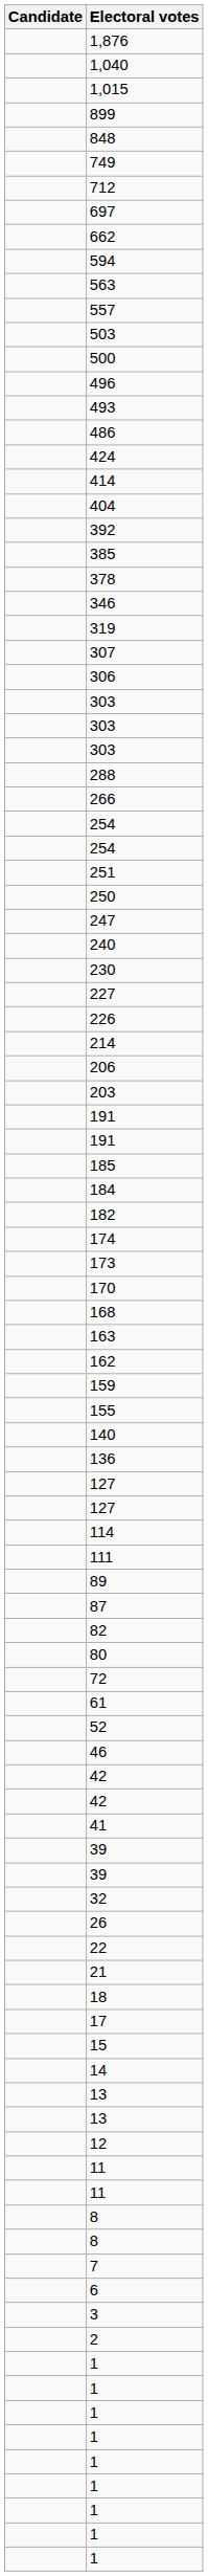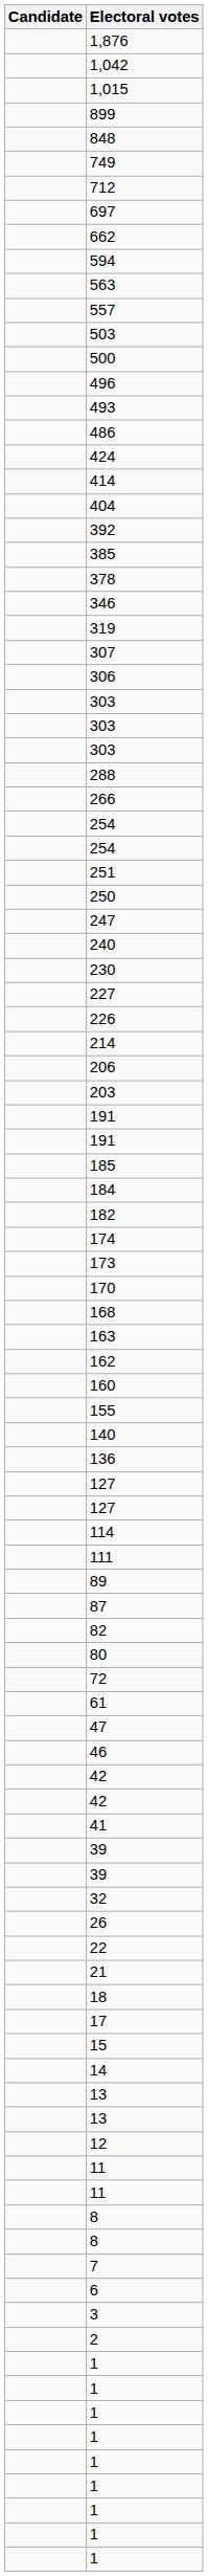 <table class="sortable wikitable">
 <tr>
 <th>Candidate</th>
 <th>Electoral votes</th>
 </tr>
 <tr>
 <td></td>
 <td>1,876</td>
 </tr>
 <tr>
 <td></td>
-<td>1,040</td>
+<td>1,042</td>
 </tr>
 <tr>
 <td></td>
 <td>1,015</td>
 </tr>
 <tr>
 <td></td>
 <td>899</td>
 </tr>
 <tr>
 <td></td>
 <td>848</td>
 </tr>
 <tr>
 <td></td>
 <td>749</td>
 </tr>
 <tr>
 <td></td>
 <td>712</td>
 </tr>
 <tr>
 <td></td>
 <td>697</td>
 </tr>
 <tr>
 <td></td>
 <td>662</td>
 </tr>
 <tr>
 <td></td>
 <td>594</td>
 </tr>
 <tr>
 <td></td>
 <td>563</td>
 </tr>
 <tr>
 <td></td>
 <td>557</td>
 </tr>
 <tr>
 <td></td>
 <td>503</td>
 </tr>
 <tr>
 <td></td>
 <td>500</td>
 </tr>
 <tr>
 <td></td>
 <td>496</td>
 </tr>
 <tr>
 <td></td>
 <td>493</td>
 </tr>
 <tr>
 <td></td>
 <td>486</td>
 </tr>
 <tr>
 <td></td>
 <td>424</td>
 </tr>
 <tr>
 <td></td>
 <td>414</td>
 </tr>
 <tr>
 <td></td>
 <td>404</td>
 </tr>
 <tr>
 <td></td>
 <td>392</td>
 </tr>
 <tr>
 <td></td>
 <td>385</td>
 </tr>
 <tr>
 <td></td>
 <td>378</td>
 </tr>
 <tr>
 <td></td>
 <td>346</td>
 </tr>
 <tr>
 <td></td>
 <td>319</td>
 </tr>
 <tr>
 <td></td>
 <td>307</td>
 </tr>
 <tr>
 <td></td>
 <td>306</td>
 </tr>
 <tr>
 <td></td>
 <td>303</td>
 </tr>
 <tr>
 <td></td>
 <td>303</td>
 </tr>
 <tr>
 <td></td>
 <td>303</td>
 </tr>
 <tr>
 <td></td>
 <td>288</td>
 </tr>
 <tr>
 <td></td>
 <td>266</td>
 </tr>
 <tr>
 <td></td>
 <td>254</td>
 </tr>
 <tr>
 <td></td>
 <td>254</td>
 </tr>
 <tr>
 <td></td>
 <td>251</td>
 </tr>
 <tr>
 <td></td>
 <td>250</td>
 </tr>
 <tr>
 <td></td>
 <td>247</td>
 </tr>
 <tr>
 <td></td>
 <td>240</td>
 </tr>
 <tr>
 <td></td>
 <td>230</td>
 </tr>
 <tr>
 <td></td>
 <td>227</td>
 </tr>
 <tr>
 <td></td>
 <td>226</td>
 </tr>
 <tr>
 <td></td>
 <td>214</td>
 </tr>
 <tr>
 <td></td>
 <td>206</td>
 </tr>
 <tr>
 <td></td>
 <td>203</td>
 </tr>
 <tr>
 <td></td>
 <td>191</td>
 </tr>
 <tr>
 <td></td>
 <td>191</td>
 </tr>
 <tr>
 <td></td>
 <td>185</td>
 </tr>
 <tr>
 <td></td>
 <td>184</td>
 </tr>
 <tr>
 <td></td>
 <td>182</td>
 </tr>
 <tr>
 <td></td>
 <td>174</td>
 </tr>
 <tr>
 <td></td>
 <td>173</td>
 </tr>
 <tr>
 <td></td>
 <td>170</td>
 </tr>
 <tr>
 <td></td>
 <td>168</td>
 </tr>
 <tr>
 <td></td>
 <td>163</td>
 </tr>
 <tr>
 <td></td>
 <td>162</td>
 </tr>
 <tr>
 <td></td>
-<td>159</td>
+<td>160</td>
 </tr>
 <tr>
 <td></td>
 <td>155</td>
 </tr>
 <tr>
 <td></td>
 <td>140</td>
 </tr>
 <tr>
 <td></td>
 <td>136</td>
 </tr>
 <tr>
 <td></td>
 <td>127</td>
 </tr>
 <tr>
 <td></td>
 <td>127</td>
 </tr>
 <tr>
 <td></td>
 <td>114</td>
 </tr>
 <tr>
 <td></td>
 <td>111</td>
 </tr>
 <tr>
 <td></td>
 <td>89</td>
 </tr>
 <tr>
 <td></td>
 <td>87</td>
 </tr>
 <tr>
 <td></td>
 <td>82</td>
 </tr>
 <tr>
 <td></td>
 <td>80</td>
 </tr>
 <tr>
 <td></td>
 <td>72</td>
 </tr>
 <tr>
 <td></td>
 <td>61</td>
 </tr>
 <tr>
 <td></td>
-<td>52</td>
+<td>47</td>
 </tr>
 <tr>
 <td></td>
 <td>46</td>
 </tr>
 <tr>
 <td></td>
 <td>42</td>
 </tr>
 <tr>
 <td></td>
 <td>42</td>
 </tr>
 <tr>
 <td></td>
 <td>41</td>
 </tr>
 <tr>
 <td></td>
 <td>39</td>
 </tr>
 <tr>
 <td></td>
 <td>39</td>
 </tr>
 <tr>
 <td></td>
 <td>32</td>
 </tr>
 <tr>
 <td></td>
 <td>26</td>
 </tr>
 <tr>
 <td></td>
 <td>22</td>
 </tr>
 <tr>
 <td></td>
 <td>21</td>
 </tr>
 <tr>
 <td></td>
 <td>18</td>
 </tr>
 <tr>
 <td></td>
 <td>17</td>
 </tr>
 <tr>
 <td></td>
 <td>15</td>
 </tr>
 <tr>
 <td></td>
 <td>14</td>
 </tr>
 <tr>
 <td></td>
 <td>13</td>
 </tr>
 <tr>
 <td></td>
 <td>13</td>
 </tr>
 <tr>
 <td></td>
 <td>12</td>
 </tr>
 <tr>
 <td></td>
 <td>11</td>
 </tr>
 <tr>
 <td></td>
 <td>11</td>
 </tr>
 <tr>
 <td></td>
 <td>8</td>
 </tr>
 <tr>
 <td></td>
 <td>8</td>
 </tr>
 <tr>
 <td></td>
 <td>7</td>
 </tr>
 <tr>
 <td></td>
 <td>6</td>
 </tr>
 <tr>
 <td></td>
 <td>3</td>
 </tr>
 <tr>
 <td></td>
 <td>2</td>
 </tr>
 <tr>
 <td></td>
 <td>1</td>
 </tr>
 <tr>
 <td></td>
 <td>1</td>
 </tr>
 <tr>
 <td></td>
 <td>1</td>
 </tr>
 <tr>
 <td></td>
 <td>1</td>
 </tr>
 <tr>
 <td></td>
 <td>1</td>
 </tr>
 <tr>
 <td></td>
 <td>1</td>
 </tr>
 <tr>
 <td></td>
 <td>1</td>
 </tr>
 <tr>
 <td></td>
 <td>1</td>
 </tr>
 <tr>
 <td></td>
 <td>1</td>
 </tr>
 </table>
